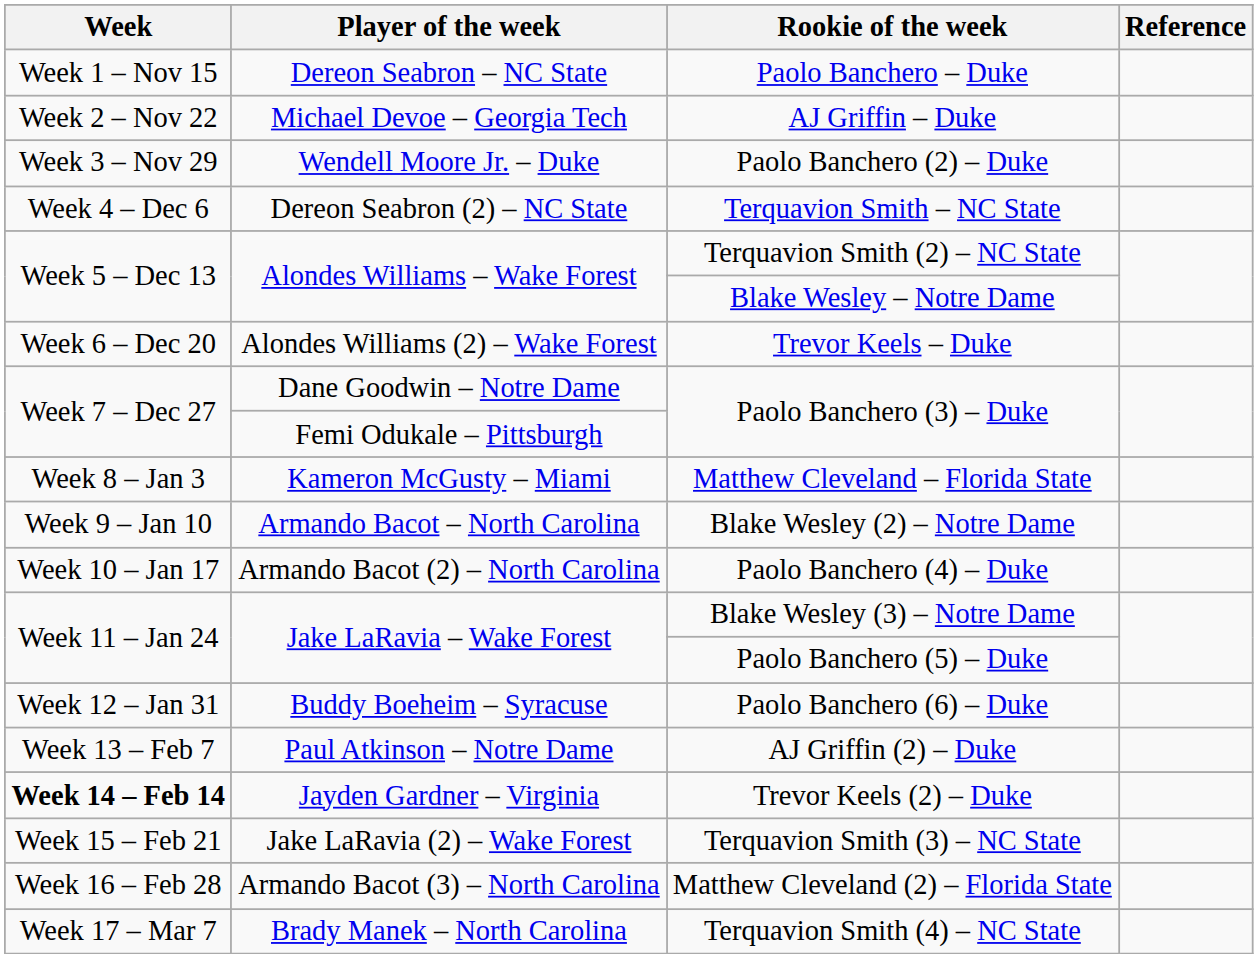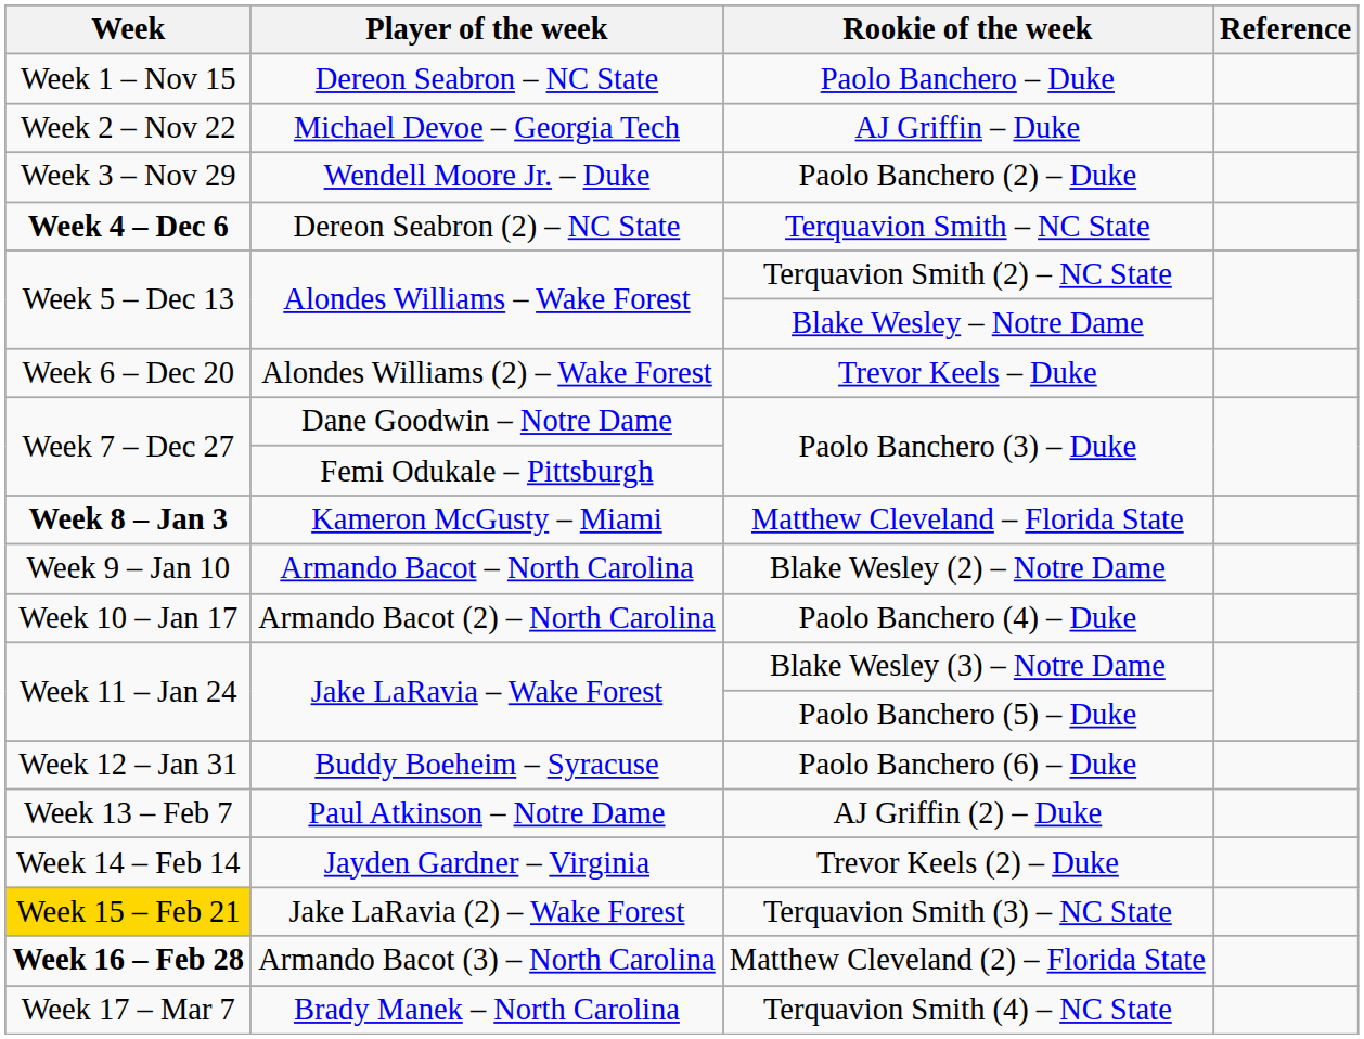 <table class="wikitable" border="1" style="text-align:center;">
 <tr>
 <th>Week</th>
 <th>Player of the week</th>
 <th>Rookie of the week</th>
 <th>Reference</th>
 </tr>
 <tr>
 <td>Week 1 – Nov 15</td>
 <td><a href='#'>Dereon Seabron</a> – <a href='#'>NC State</a></td>
 <td><a href='#'>Paolo Banchero</a> – <a href='#'>Duke</a></td>
 <td></td>
 </tr>
 <tr>
 <td>Week 2 – Nov 22</td>
 <td><a href='#'>Michael Devoe</a> – <a href='#'>Georgia Tech</a></td>
 <td><a href='#'>AJ Griffin</a> – <a href='#'>Duke</a></td>
 <td></td>
 </tr>
 <tr>
 <td>Week 3 – Nov 29</td>
 <td><a href='#'>Wendell Moore Jr.</a> – <a href='#'>Duke</a></td>
 <td>Paolo Banchero (2) – <a href='#'>Duke</a></td>
 <td></td>
 </tr>
 <tr>
-<td>Week 4 – Dec 6</td>
+<td><strong>Week 4 – Dec 6</strong></td>
 <td>Dereon Seabron (2) – <a href='#'>NC State</a></td>
 <td><a href='#'>Terquavion Smith</a> – <a href='#'>NC State</a></td>
 <td></td>
 </tr>
 <tr>
 <td rowspan=2>Week 5 – Dec 13</td>
 <td rowspan=2><a href='#'>Alondes Williams</a> – <a href='#'>Wake Forest</a></td>
 <td>Terquavion Smith (2) – <a href='#'>NC State</a></td>
 <td rowspan=2></td>
 </tr>
 <tr>
 <td><a href='#'>Blake Wesley</a> – <a href='#'>Notre Dame</a></td>
 </tr>
 <tr>
 <td>Week 6 – Dec 20</td>
 <td>Alondes Williams (2) – <a href='#'>Wake Forest</a></td>
 <td><a href='#'>Trevor Keels</a> – <a href='#'>Duke</a></td>
 <td></td>
 </tr>
 <tr>
 <td rowspan=2>Week 7 – Dec 27</td>
 <td>Dane Goodwin – <a href='#'>Notre Dame</a></td>
 <td rowspan=2>Paolo Banchero (3) – <a href='#'>Duke</a></td>
 <td rowspan=2></td>
 </tr>
 <tr>
 <td>Femi Odukale – <a href='#'>Pittsburgh</a></td>
 </tr>
 <tr>
-<td>Week 8 – Jan 3</td>
+<td><strong>Week 8 – Jan 3</strong></td>
 <td><a href='#'>Kameron McGusty</a> – <a href='#'>Miami</a></td>
 <td><a href='#'>Matthew Cleveland</a> – <a href='#'>Florida State</a></td>
 <td></td>
 </tr>
 <tr>
 <td>Week 9 – Jan 10</td>
 <td><a href='#'>Armando Bacot</a> – <a href='#'>North Carolina</a></td>
 <td>Blake Wesley (2) – <a href='#'>Notre Dame</a></td>
 <td></td>
 </tr>
 <tr>
 <td>Week 10 – Jan 17</td>
 <td>Armando Bacot (2) – <a href='#'>North Carolina</a></td>
 <td>Paolo Banchero (4) – <a href='#'>Duke</a></td>
 <td></td>
 </tr>
 <tr>
 <td rowspan=2>Week 11 – Jan 24</td>
 <td rowspan=2><a href='#'>Jake LaRavia</a> – <a href='#'>Wake Forest</a></td>
 <td>Blake Wesley (3) – <a href='#'>Notre Dame</a></td>
 <td rowspan=2></td>
 </tr>
 <tr>
 <td>Paolo Banchero (5) – <a href='#'>Duke</a></td>
 </tr>
 <tr>
 <td>Week 12 – Jan 31</td>
 <td><a href='#'>Buddy Boeheim</a> – <a href='#'>Syracuse</a></td>
 <td>Paolo Banchero (6) – <a href='#'>Duke</a></td>
 <td></td>
 </tr>
 <tr>
 <td>Week 13 – Feb 7</td>
 <td><a href='#'>Paul Atkinson</a> – <a href='#'>Notre Dame</a></td>
 <td>AJ Griffin (2) – <a href='#'>Duke</a></td>
 <td></td>
 </tr>
 <tr>
-<td><strong>Week 14 – Feb 14</strong></td>
+<td>Week 14 – Feb 14</td>
 <td><a href='#'>Jayden Gardner</a> – <a href='#'>Virginia</a></td>
 <td>Trevor Keels (2) – <a href='#'>Duke</a></td>
 <td></td>
 </tr>
 <tr>
-<td>Week 15 – Feb 21</td>
+<td style="background: gold;">Week 15 – Feb 21</td>
 <td>Jake LaRavia (2) – <a href='#'>Wake Forest</a></td>
 <td>Terquavion Smith (3) – <a href='#'>NC State</a></td>
 <td></td>
 </tr>
 <tr>
-<td>Week 16 – Feb 28</td>
+<td><strong>Week 16 – Feb 28</strong></td>
 <td>Armando Bacot (3) – <a href='#'>North Carolina</a></td>
 <td>Matthew Cleveland (2) – <a href='#'>Florida State</a></td>
 <td></td>
 </tr>
 <tr>
 <td>Week 17 – Mar 7</td>
 <td><a href='#'>Brady Manek</a> – <a href='#'>North Carolina</a></td>
 <td>Terquavion Smith (4) – <a href='#'>NC State</a></td>
 <td></td>
 </tr>
 </table>
